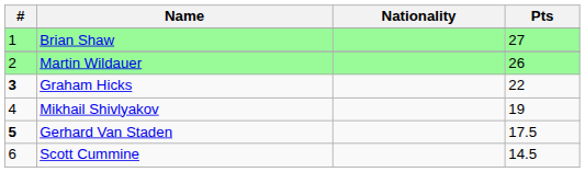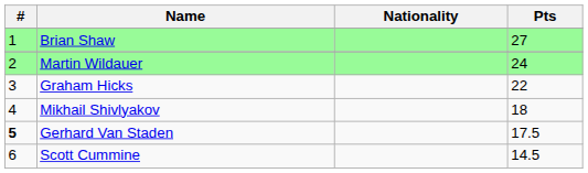 <table class="wikitable" style="display: inline-table; width: 50%;">
 <tr>
 <th>#</th>
 <th>Name</th>
 <th>Nationality</th>
 <th>Pts</th>
 </tr>
 <tr>
 </tr>
 <tr style="background:palegreen">
 <td>1</td>
 <td><a href='#'>Brian Shaw</a></td>
 <td></td>
 <td>27</td>
 </tr>
 <tr>
 </tr>
 <tr style="background:palegreen">
 <td>2</td>
 <td><a href='#'>Martin Wildauer</a></td>
 <td></td>
-<td>26</td>
+<td>24</td>
 </tr>
 <tr>
-<td><strong>3</strong></td>
+<td>3</td>
 <td><a href='#'>Graham Hicks</a></td>
 <td></td>
 <td>22</td>
 </tr>
 <tr>
 <td>4</td>
 <td><a href='#'>Mikhail Shivlyakov</a></td>
 <td></td>
-<td>19</td>
+<td>18</td>
 </tr>
 <tr>
 <td><strong>5</strong></td>
 <td><a href='#'>Gerhard Van Staden</a></td>
 <td></td>
 <td>17.5</td>
 </tr>
 <tr>
 <td>6</td>
 <td><a href='#'>Scott Cummine</a></td>
 <td></td>
 <td>14.5</td>
 </tr>
 </table>
